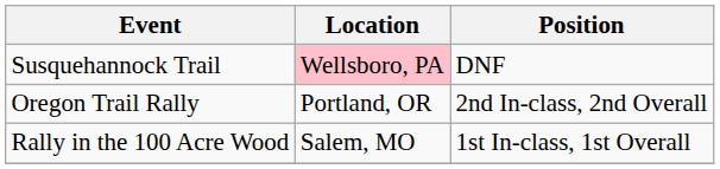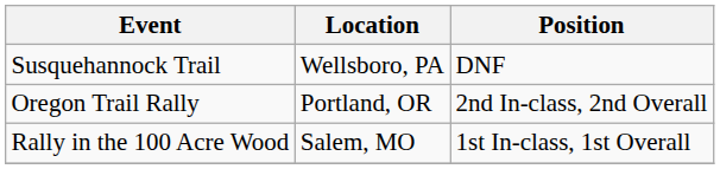 <table class="wikitable">
 <tr>
 <th>Event</th>
 <th>Location</th>
 <th>Position</th>
 </tr>
 <tr>
 <td>Susquehannock Trail</td>
-<td style="background: pink;">Wellsboro, PA</td>
+<td>Wellsboro, PA</td>
 <td>DNF</td>
 </tr>
 <tr>
 <td>Oregon Trail Rally</td>
 <td>Portland, OR</td>
 <td>2nd In-class, 2nd Overall</td>
 </tr>
 <tr>
 <td>Rally in the 100 Acre Wood</td>
 <td>Salem, MO</td>
 <td>1st In-class, 1st Overall</td>
 </tr>
 <tr>
 </tr>
 </table>
